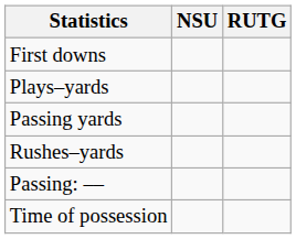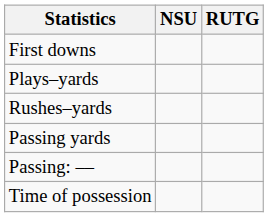 <table class="wikitable" style="float:left">
 <tr>
 <th>Statistics</th>
 <th>NSU</th>
 <th>RUTG</th>
 </tr>
 <tr>
 <td>First downs</td>
 <td></td>
 <td></td>
 </tr>
 <tr>
 <td>Plays–yards</td>
 <td></td>
 <td></td>
 </tr>
 <tr>
-<td>Passing yards</td>
+<td>Rushes–yards</td>
 <td></td>
 <td></td>
 </tr>
 <tr>
-<td>Rushes–yards</td>
+<td>Passing yards</td>
 <td></td>
 <td></td>
 </tr>
 <tr>
 <td>Passing: ––</td>
 <td></td>
 <td></td>
 </tr>
 <tr>
 <td>Time of possession</td>
 <td></td>
 <td></td>
 </tr>
 </table>
